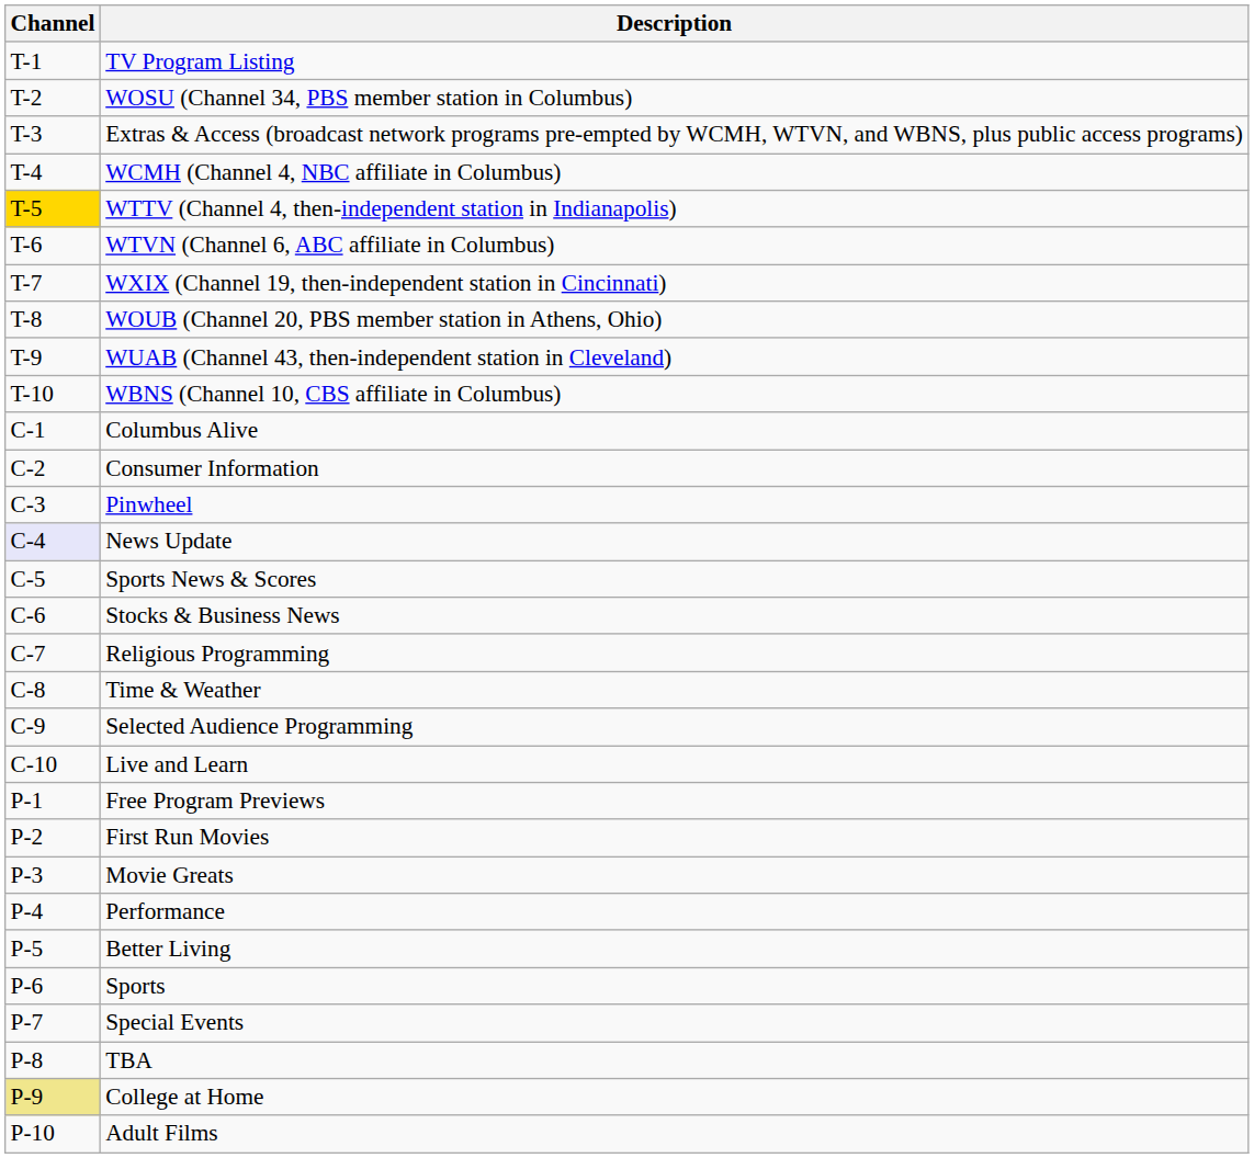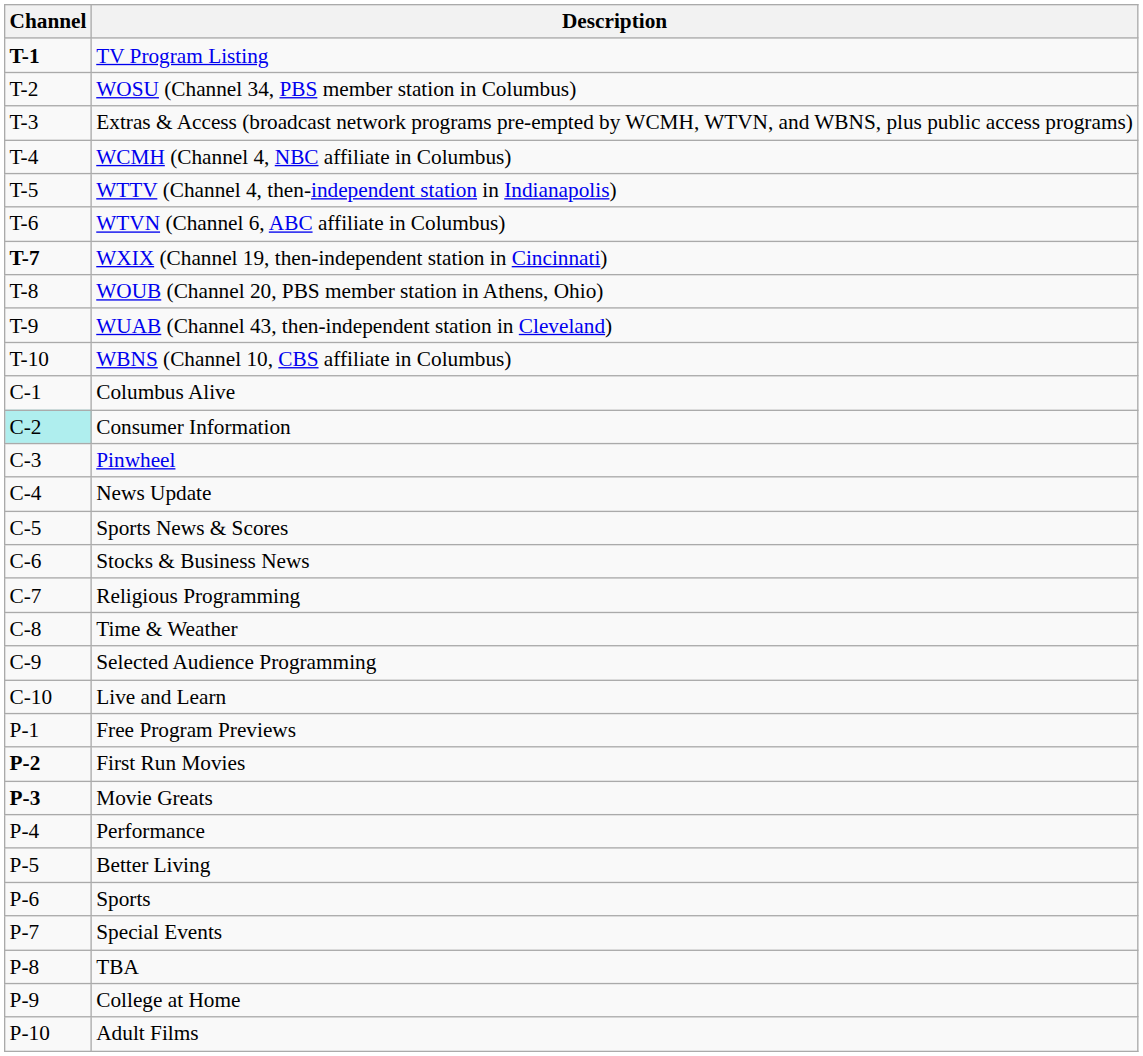 <table class="wikitable">
 <tr>
 <th>Channel</th>
 <th>Description</th>
 </tr>
 <tr>
-<td>T-1</td>
+<td><strong>T-1</strong></td>
 <td><a href='#'>TV Program Listing</a></td>
 </tr>
 <tr>
 <td>T-2</td>
 <td><a href='#'>WOSU</a> (Channel 34, <a href='#'>PBS</a> member station in Columbus)</td>
 </tr>
 <tr>
 <td>T-3</td>
 <td>Extras & Access (broadcast network programs pre-empted by WCMH, WTVN, and WBNS, plus public access programs)</td>
 </tr>
 <tr>
 <td>T-4</td>
 <td><a href='#'>WCMH</a> (Channel 4, <a href='#'>NBC</a> affiliate in Columbus)</td>
 </tr>
 <tr>
-<td style="background: gold;">T-5</td>
+<td>T-5</td>
 <td><a href='#'>WTTV</a> (Channel 4, then-<a href='#'>independent station</a> in <a href='#'>Indianapolis</a>)</td>
 </tr>
 <tr>
 <td>T-6</td>
 <td><a href='#'>WTVN</a> (Channel 6, <a href='#'>ABC</a> affiliate in Columbus)</td>
 </tr>
 <tr>
-<td>T-7</td>
+<td><strong>T-7</strong></td>
 <td><a href='#'>WXIX</a> (Channel 19, then-independent station in <a href='#'>Cincinnati</a>)</td>
 </tr>
 <tr>
 <td>T-8</td>
 <td><a href='#'>WOUB</a> (Channel 20, PBS member station in Athens, Ohio)</td>
 </tr>
 <tr>
 <td>T-9</td>
 <td><a href='#'>WUAB</a> (Channel 43, then-independent station in <a href='#'>Cleveland</a>)</td>
 </tr>
 <tr>
 <td>T-10</td>
 <td><a href='#'>WBNS</a> (Channel 10, <a href='#'>CBS</a> affiliate in Columbus)</td>
 </tr>
 <tr>
 <td>C-1</td>
 <td>Columbus Alive</td>
 </tr>
 <tr>
-<td>C-2</td>
+<td style="background: paleturquoise;">C-2</td>
 <td>Consumer Information</td>
 </tr>
 <tr>
 <td>C-3</td>
 <td><a href='#'>Pinwheel</a></td>
 </tr>
 <tr>
-<td style="background: lavender;">C-4</td>
+<td>C-4</td>
 <td>News Update</td>
 </tr>
 <tr>
 <td>C-5</td>
 <td>Sports News & Scores</td>
 </tr>
 <tr>
 <td>C-6</td>
 <td>Stocks & Business News</td>
 </tr>
 <tr>
 <td>C-7</td>
 <td>Religious Programming</td>
 </tr>
 <tr>
 <td>C-8</td>
 <td>Time & Weather</td>
 </tr>
 <tr>
 <td>C-9</td>
 <td>Selected Audience Programming</td>
 </tr>
 <tr>
 <td>C-10</td>
 <td>Live and Learn</td>
 </tr>
 <tr>
 <td>P-1</td>
 <td>Free Program Previews</td>
 </tr>
 <tr>
-<td>P-2</td>
+<td><strong>P-2</strong></td>
 <td>First Run Movies</td>
 </tr>
 <tr>
-<td>P-3</td>
+<td><strong>P-3</strong></td>
 <td>Movie Greats</td>
 </tr>
 <tr>
 <td>P-4</td>
 <td>Performance</td>
 </tr>
 <tr>
 <td>P-5</td>
 <td>Better Living</td>
 </tr>
 <tr>
 <td>P-6</td>
 <td>Sports</td>
 </tr>
 <tr>
 <td>P-7</td>
 <td>Special Events</td>
 </tr>
 <tr>
 <td>P-8</td>
 <td>TBA</td>
 </tr>
 <tr>
-<td style="background: khaki;">P-9</td>
+<td>P-9</td>
 <td>College at Home</td>
 </tr>
 <tr>
 <td>P-10</td>
 <td>Adult Films</td>
 </tr>
 </table>
